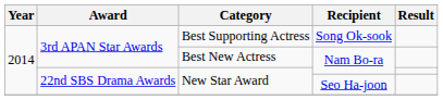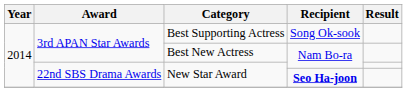 <table class="wikitable">
 <tr>
 <th>Year</th>
 <th>Award</th>
 <th>Category</th>
 <th>Recipient</th>
 <th>Result</th>
 </tr>
 <tr>
 <td rowspan=4>2014</td>
 <td rowspan=2><a href='#'>3rd APAN Star Awards</a></td>
 <td>Best Supporting Actress</td>
 <td style="text-align:center;"><a href='#'>Song Ok-sook</a></td>
 <td></td>
 </tr>
 <tr>
 <td>Best New Actress</td>
 <td rowspan=2 style="text-align:center;"><a href='#'>Nam Bo-ra</a></td>
 <td></td>
 </tr>
 <tr>
 <td rowspan=2><a href='#'>22nd SBS Drama Awards</a></td>
 <td rowspan=2>New Star Award</td>
 <td></td>
 </tr>
 <tr>
-<td style="text-align:center;"><a href='#'>Seo Ha-joon</a></td>
+<td style="text-align:center;"><strong><a href='#'>Seo Ha-joon</a></strong></td>
 <td></td>
 </tr>
 <tr>
 </tr>
 </table>
